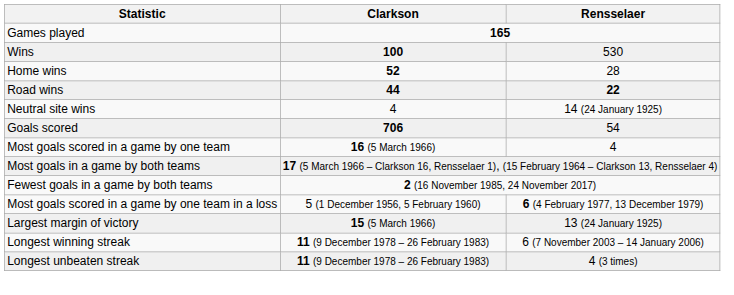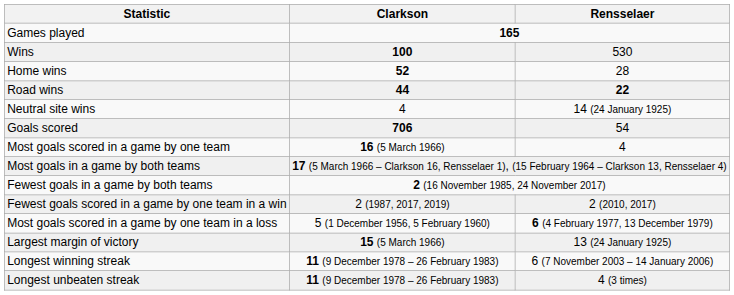 <table class="wikitable">
 <tr>
 <th>Statistic</th>
 <th>Clarkson</th>
 <th>Rensselaer</th>
 </tr>
 <tr>
 <td>Games played</td>
 <td align=center colspan=2><strong>165</strong></td>
 </tr>
 <tr bgcolor=f0f0f0>
 <td>Wins</td>
 <td align=center><strong>100</strong></td>
 <td align=center>530</td>
 </tr>
 <tr>
 <td>Home wins</td>
 <td align=center><strong>52</strong></td>
 <td align=center>28</td>
 </tr>
 <tr bgcolor=f0f0f0>
 <td>Road wins</td>
 <td align=center><strong>44</strong></td>
 <td align=center><strong>22</strong></td>
 </tr>
 <tr>
 <td>Neutral site wins</td>
 <td align=center>4</td>
 <td align=center>14 <small>(24 January 1925)</small></td>
 </tr>
 <tr bgcolor=f0f0f0>
 <td>Goals scored</td>
 <td align=center><strong>706</strong></td>
 <td align=center>54</td>
 </tr>
 <tr>
 <td>Most goals scored in a game by one team</td>
 <td align=center><strong>16</strong> <small>(5 March 1966)</small></td>
 <td align=center>4</td>
 </tr>
 <tr bgcolor=f0f0f0>
 <td>Most goals in a game by both teams</td>
 <td align=center colspan=2><strong>17</strong> <small>(5 March 1966 – Clarkson 16, Rensselaer 1)</small>, <small>(15 February 1964 – Clarkson 13, Rensselaer 4)</small></td>
 </tr>
 <tr>
 <td>Fewest goals in a game by both teams</td>
 <td align=center colspan=2><strong>2</strong> <small>(16 November 1985, 24 November 2017)</small></td>
 </tr>
+<tr bgcolor=f0f0f0>
+<td>Fewest goals scored in a game by one team in a win</td>
+<td align=center>2 <small>(1987, 2017, 2019)</small></td>
+<td align=center>2 <small>(2010, 2017)</small></td>
+</tr>
 <tr>
 <td>Most goals scored in a game by one team in a loss</td>
 <td align=center>5 <small>(1 December 1956, 5 February 1960)</small></td>
 <td align=center><strong>6</strong> <small>(4 February 1977, 13 December 1979)</small></td>
 </tr>
 <tr bgcolor=f0f0f0>
 <td>Largest margin of victory</td>
 <td align=center><strong>15</strong> <small>(5 March 1966)</small></td>
 <td align=center>13 <small>(24 January 1925)</small></td>
 </tr>
 <tr>
 <td>Longest winning streak</td>
 <td align=center><strong>11</strong> <small>(9 December 1978 – 26 February 1983)</small></td>
 <td align=center>6 <small>(7 November 2003 – 14 January 2006)</small></td>
 </tr>
 <tr bgcolor=f0f0f0>
 <td>Longest unbeaten streak</td>
 <td align=center><strong>11</strong> <small>(9 December 1978 – 26 February 1983)</small></td>
 <td align=center>4 <small>(3 times)</small></td>
 </tr>
 </table>
